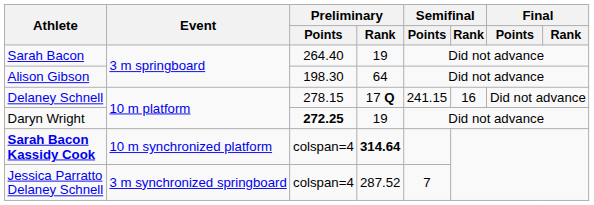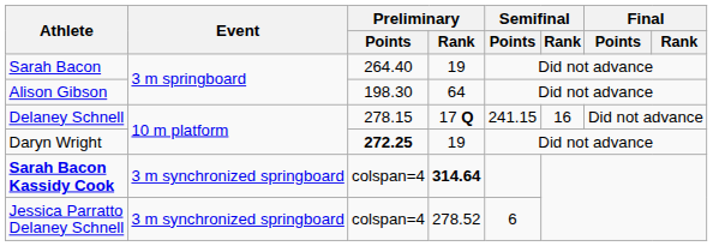 <table class=wikitable style=font-size:90%;text-align:center>
 <tr>
 <th rowspan=2>Athlete</th>
 <th rowspan=2>Event</th>
 <th colspan=2>Preliminary</th>
 <th colspan=2>Semifinal</th>
 <th colspan=2>Final</th>
 </tr>
 <tr style=font-size:95%>
 <th>Points</th>
 <th>Rank</th>
 <th>Points</th>
 <th>Rank</th>
 <th>Points</th>
 <th>Rank</th>
 </tr>
 <tr>
 <td align=left><a href='#'>Sarah Bacon</a></td>
 <td align=left rowspan=2><a href='#'>3 m springboard</a></td>
 <td>264.40</td>
 <td>19</td>
 <td colspan=4>Did not advance</td>
 </tr>
 <tr>
 <td align=left><a href='#'>Alison Gibson</a></td>
 <td>198.30</td>
 <td>64</td>
 <td colspan=4>Did not advance</td>
 </tr>
 <tr>
 <td align=left><a href='#'>Delaney Schnell</a></td>
 <td align=left rowspan=2><a href='#'>10 m platform</a></td>
 <td>278.15</td>
 <td>17 <strong>Q</strong></td>
 <td>241.15</td>
 <td>16</td>
 <td colspan=2>Did not advance</td>
 </tr>
 <tr>
 <td align=left>Daryn Wright</td>
 <td><strong>272.25</strong></td>
 <td>19</td>
 <td colspan=4>Did not advance</td>
 </tr>
 <tr>
 <td align=left><strong><a href='#'>Sarah Bacon</a><br><a href='#'>Kassidy Cook</a></strong></td>
-<td align=left><a href='#'>10 m synchronized platform</a></td>
+<td align=left><a href='#'>3 m synchronized springboard</a></td>
 <td>colspan=4 </td>
 <td><strong>314.64</strong></td>
 <td></td>
 </tr>
 <tr>
 <td align=left><a href='#'>Jessica Parratto</a><br><a href='#'>Delaney Schnell</a></td>
 <td align=left><a href='#'>3 m synchronized springboard</a></td>
 <td>colspan=4 </td>
-<td>287.52</td>
-<td>7</td>
+<td>278.52</td>
+<td>6</td>
 </tr>
 </table>
